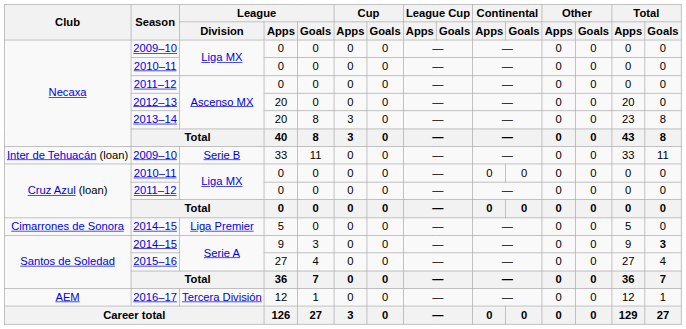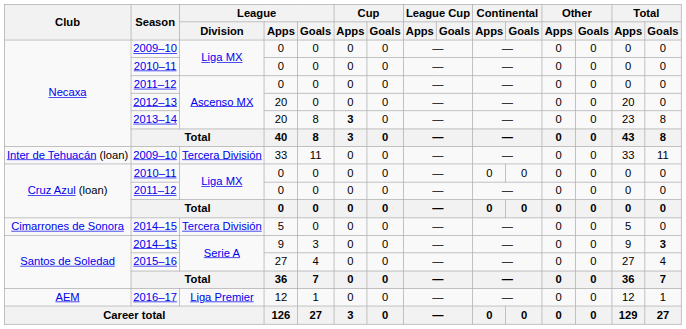 <table class="wikitable" style="text-align:center">
 <tr>
 <th rowspan="2">Club</th>
 <th rowspan="2">Season</th>
 <th colspan="3">League</th>
 <th colspan="2">Cup</th>
 <th colspan="2">League Cup</th>
 <th colspan="2">Continental</th>
 <th colspan="2">Other</th>
 <th colspan="2">Total</th>
 </tr>
 <tr>
 <th>Division</th>
 <th>Apps</th>
 <th>Goals</th>
 <th>Apps</th>
 <th>Goals</th>
 <th>Apps</th>
 <th>Goals</th>
 <th>Apps</th>
 <th>Goals</th>
 <th>Apps</th>
 <th>Goals</th>
 <th>Apps</th>
 <th>Goals</th>
 </tr>
 <tr>
 <td rowspan="6"><a href='#'>Necaxa</a></td>
 <td><a href='#'>2009–10</a></td>
 <td rowspan="2"><a href='#'>Liga MX</a></td>
 <td>0</td>
 <td>0</td>
 <td>0</td>
 <td>0</td>
 <td colspan="2">—</td>
 <td colspan="2">—</td>
 <td>0</td>
 <td>0</td>
 <td>0</td>
 <td>0</td>
 </tr>
 <tr>
 <td><a href='#'>2010–11</a></td>
 <td>0</td>
 <td>0</td>
 <td>0</td>
 <td>0</td>
 <td colspan="2">—</td>
 <td colspan="2">—</td>
 <td>0</td>
 <td>0</td>
 <td>0</td>
 <td>0</td>
 </tr>
 <tr>
 <td><a href='#'>2011–12</a></td>
 <td rowspan="3"><a href='#'>Ascenso MX</a></td>
 <td>0</td>
 <td>0</td>
 <td>0</td>
 <td>0</td>
 <td colspan="2">—</td>
 <td colspan="2">—</td>
 <td>0</td>
 <td>0</td>
 <td>0</td>
 <td>0</td>
 </tr>
 <tr>
 <td><a href='#'>2012–13</a></td>
 <td>20</td>
 <td>0</td>
 <td>0</td>
 <td>0</td>
 <td colspan="2">—</td>
 <td colspan="2">—</td>
 <td>0</td>
 <td>0</td>
 <td>20</td>
 <td>0</td>
 </tr>
 <tr>
 <td><a href='#'>2013–14</a></td>
 <td>20</td>
 <td>8</td>
-<td>3</td>
+<td><strong>3</strong></td>
 <td>0</td>
 <td colspan="2">—</td>
 <td colspan="2">—</td>
 <td>0</td>
 <td>0</td>
 <td>23</td>
 <td>8</td>
 </tr>
 <tr>
 <th colspan="2">Total</th>
 <th>40</th>
 <th>8</th>
 <th>3</th>
 <th>0</th>
 <th colspan="2">—</th>
 <th colspan="2">—</th>
 <th>0</th>
 <th>0</th>
 <th>43</th>
 <th>8</th>
 </tr>
 <tr>
 <td rowspan="1"><a href='#'>Inter de Tehuacán</a> (loan)</td>
 <td><a href='#'>2009–10</a></td>
-<td rowspan="1"><a href='#'>Serie B</a></td>
+<td rowspan="1"><a href='#'>Tercera División</a></td>
 <td>33</td>
 <td>11</td>
 <td>0</td>
 <td>0</td>
 <td colspan="2">—</td>
 <td colspan="2">—</td>
 <td>0</td>
 <td>0</td>
 <td>33</td>
 <td>11</td>
 </tr>
 <tr>
 <td rowspan="3"><a href='#'>Cruz Azul</a> (loan)</td>
 <td><a href='#'>2010–11</a></td>
 <td rowspan="2"><a href='#'>Liga MX</a></td>
 <td>0</td>
 <td>0</td>
 <td>0</td>
 <td>0</td>
 <td colspan="2">—</td>
 <td>0</td>
 <td>0</td>
 <td>0</td>
 <td>0</td>
 <td>0</td>
 <td>0</td>
 </tr>
 <tr>
 <td><a href='#'>2011–12</a></td>
 <td>0</td>
 <td>0</td>
 <td>0</td>
 <td>0</td>
 <td colspan="2">—</td>
 <td colspan="2">—</td>
 <td>0</td>
 <td>0</td>
 <td>0</td>
 <td>0</td>
 </tr>
 <tr>
 <th colspan="2">Total</th>
 <th>0</th>
 <th>0</th>
 <th>0</th>
 <th>0</th>
 <th colspan="2">—</th>
 <th>0</th>
 <th>0</th>
 <th>0</th>
 <th>0</th>
 <th>0</th>
 <th>0</th>
 </tr>
 <tr>
 <td rowspan="1"><a href='#'>Cimarrones de Sonora</a></td>
 <td><a href='#'>2014–15</a></td>
-<td rowspan="1"><a href='#'>Liga Premier</a></td>
+<td rowspan="1"><a href='#'>Tercera División</a></td>
 <td>5</td>
 <td>0</td>
 <td>0</td>
 <td>0</td>
 <td colspan="2">—</td>
 <td colspan="2">—</td>
 <td>0</td>
 <td>0</td>
 <td>5</td>
 <td>0</td>
 </tr>
 <tr>
 <td rowspan="3"><a href='#'>Santos de Soledad</a></td>
 <td><a href='#'>2014–15</a></td>
 <td rowspan="2"><a href='#'>Serie A</a></td>
 <td>9</td>
 <td>3</td>
 <td>0</td>
 <td>0</td>
 <td colspan="2">—</td>
 <td colspan="2">—</td>
 <td>0</td>
 <td>0</td>
 <td>9</td>
 <td><strong>3</strong></td>
 </tr>
 <tr>
 <td><a href='#'>2015–16</a></td>
 <td>27</td>
 <td>4</td>
 <td>0</td>
 <td>0</td>
 <td colspan="2">—</td>
 <td colspan="2">—</td>
 <td>0</td>
 <td>0</td>
 <td>27</td>
 <td>4</td>
 </tr>
 <tr>
 <th colspan="2">Total</th>
 <th>36</th>
 <th>7</th>
 <th>0</th>
 <th>0</th>
 <th colspan="2">—</th>
 <th colspan="2">—</th>
 <th>0</th>
 <th>0</th>
 <th>36</th>
 <th>7</th>
 </tr>
 <tr>
 <td rowspan="1"><a href='#'>AEM</a></td>
 <td><a href='#'>2016–17</a></td>
-<td rowspan="1"><a href='#'>Tercera División</a></td>
+<td rowspan="1"><a href='#'>Liga Premier</a></td>
 <td>12</td>
 <td>1</td>
 <td>0</td>
 <td>0</td>
 <td colspan="2">—</td>
 <td colspan="2">—</td>
 <td>0</td>
 <td>0</td>
 <td>12</td>
 <td>1</td>
 </tr>
 <tr>
 <th colspan="3">Career total</th>
 <th>126</th>
 <th>27</th>
 <th>3</th>
 <th>0</th>
 <th colspan="2">—</th>
 <th>0</th>
 <th>0</th>
 <th>0</th>
 <th>0</th>
 <th>129</th>
 <th>27</th>
 </tr>
 </table>
